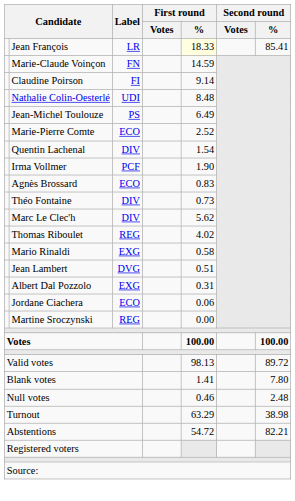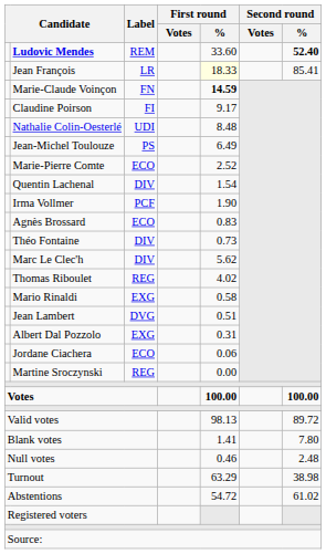 <table class="wikitable" style="text-align:right;font-size:95%;">
 <tr>
 <th rowspan="2" colspan="2">Candidate</th>
 <th rowspan="2">Label</th>
 <th colspan="2">First round</th>
 <th colspan="2">Second round</th>
 </tr>
 <tr>
 <th style="width:50px;">Votes</th>
 <th style="width:45px;">%</th>
 <th style="width:50px;">Votes</th>
 <th style="width:45px;">%</th>
 </tr>
 <tr>
 <td style="color:inherit;background:"></td>
+<td style="text-align:left;"><strong><a href='#'>Ludovic Mendes</a></strong></td>
+<td><a href='#'>REM</a></td>
+<td></td>
+<td>33.60</td>
+<td><strong></strong></td>
+<td><strong>52.40</strong></td>
+</tr>
+<tr>
+<td style="color:inherit;background:"></td>
 <td style="text-align:left;">Jean François</td>
 <td><a href='#'>LR</a></td>
 <td></td>
 <td style="background: lightyellow;">18.33</td>
 <td></td>
 <td>85.41</td>
 </tr>
 <tr>
 <td style="color:inherit;background:"></td>
 <td style="text-align:left;">Marie-Claude Voinçon</td>
 <td><a href='#'>FN</a></td>
 <td></td>
-<td>14.59</td>
+<td><strong>14.59</strong></td>
 <td colspan="2" rowspan="16" style="background:#E9E9E9;"></td>
 </tr>
 <tr>
 <td style="color:inherit;background:"></td>
 <td style="text-align:left;">Claudine Poirson</td>
 <td><a href='#'>FI</a></td>
 <td></td>
-<td>9.14</td>
+<td>9.17</td>
 </tr>
 <tr>
 <td style="color:inherit;background:"></td>
 <td style="text-align:left;"><a href='#'>Nathalie Colin-Oesterlé</a></td>
 <td><a href='#'>UDI</a></td>
 <td></td>
 <td>8.48</td>
 </tr>
 <tr>
 <td style="color:inherit;background:"></td>
 <td style="text-align:left;">Jean-Michel Toulouze</td>
 <td><a href='#'>PS</a></td>
 <td></td>
 <td>6.49</td>
 </tr>
 <tr>
 <td style="color:inherit;background:"></td>
 <td style="text-align:left;">Marie-Pierre Comte</td>
 <td><a href='#'>ECO</a></td>
 <td></td>
 <td>2.52</td>
 </tr>
 <tr>
 <td style="color:inherit;background:"></td>
 <td style="text-align:left;">Quentin Lachenal</td>
 <td><a href='#'>DIV</a></td>
 <td></td>
 <td>1.54</td>
 </tr>
 <tr>
 <td style="color:inherit;background:"></td>
 <td style="text-align:left;">Irma Vollmer</td>
 <td><a href='#'>PCF</a></td>
 <td></td>
 <td>1.90</td>
 </tr>
 <tr>
 <td style="color:inherit;background:"></td>
 <td style="text-align:left;">Agnès Brossard</td>
 <td><a href='#'>ECO</a></td>
 <td></td>
 <td>0.83</td>
 </tr>
 <tr>
 <td style="color:inherit;background:"></td>
 <td style="text-align:left;">Théo Fontaine</td>
 <td><a href='#'>DIV</a></td>
 <td></td>
 <td>0.73</td>
 </tr>
 <tr>
 <td style="color:inherit;background:"></td>
 <td style="text-align:left;">Marc Le Clec'h</td>
 <td><a href='#'>DIV</a></td>
 <td></td>
 <td>5.62</td>
 </tr>
 <tr>
 <td style="color:inherit;background:"></td>
 <td style="text-align:left;">Thomas Riboulet</td>
 <td><a href='#'>REG</a></td>
 <td></td>
 <td>4.02</td>
 </tr>
 <tr>
 <td style="color:inherit;background:"></td>
 <td style="text-align:left;">Mario Rinaldi</td>
 <td><a href='#'>EXG</a></td>
 <td></td>
 <td>0.58</td>
 </tr>
 <tr>
 <td style="color:inherit;background:"></td>
 <td style="text-align:left;">Jean Lambert</td>
 <td><a href='#'>DVG</a></td>
 <td></td>
 <td>0.51</td>
 </tr>
 <tr>
 <td style="color:inherit;background:"></td>
 <td style="text-align:left;">Albert Dal Pozzolo</td>
 <td><a href='#'>EXG</a></td>
 <td></td>
 <td>0.31</td>
 </tr>
 <tr>
 <td style="color:inherit;background:"></td>
 <td style="text-align:left;">Jordane Ciachera</td>
 <td><a href='#'>ECO</a></td>
 <td></td>
 <td>0.06</td>
 </tr>
 <tr>
 <td style="color:inherit;background:"></td>
 <td style="text-align:left;">Martine Sroczynski</td>
 <td><a href='#'>REG</a></td>
 <td></td>
 <td>0.00</td>
 </tr>
 <tr>
 <td colspan="7" style="background:#E9E9E9;"></td>
 </tr>
 <tr style="font-weight:bold;">
 <td colspan="3" style="text-align:left;">Votes</td>
 <td></td>
 <td>100.00</td>
 <td></td>
 <td>100.00</td>
 </tr>
 <tr>
 <td colspan="7" style="background:#E9E9E9;"></td>
 </tr>
 <tr>
 <td colspan="3" style="text-align:left;">Valid votes</td>
 <td></td>
 <td>98.13</td>
 <td></td>
 <td>89.72</td>
 </tr>
 <tr>
 <td colspan="3" style="text-align:left;">Blank votes</td>
 <td></td>
 <td>1.41</td>
 <td></td>
 <td>7.80</td>
 </tr>
 <tr>
 <td colspan="3" style="text-align:left;">Null votes</td>
 <td></td>
 <td>0.46</td>
 <td></td>
 <td>2.48</td>
 </tr>
 <tr>
 <td colspan="3" style="text-align:left;">Turnout</td>
 <td></td>
 <td>63.29</td>
 <td></td>
 <td>38.98</td>
 </tr>
 <tr>
 <td colspan="3" style="text-align:left;">Abstentions</td>
 <td></td>
 <td>54.72</td>
 <td></td>
-<td>82.21</td>
+<td>61.02</td>
 </tr>
 <tr>
 <td colspan="3" style="text-align:left;">Registered voters</td>
 <td></td>
 <td style="background:#E9E9E9;"></td>
 <td></td>
 <td style="background:#E9E9E9;"></td>
 </tr>
 <tr>
 <td colspan="7" style="background:#E9E9E9;"></td>
 </tr>
 <tr>
 <td colspan="7" style="text-align:left;">Source: </td>
 </tr>
 </table>
